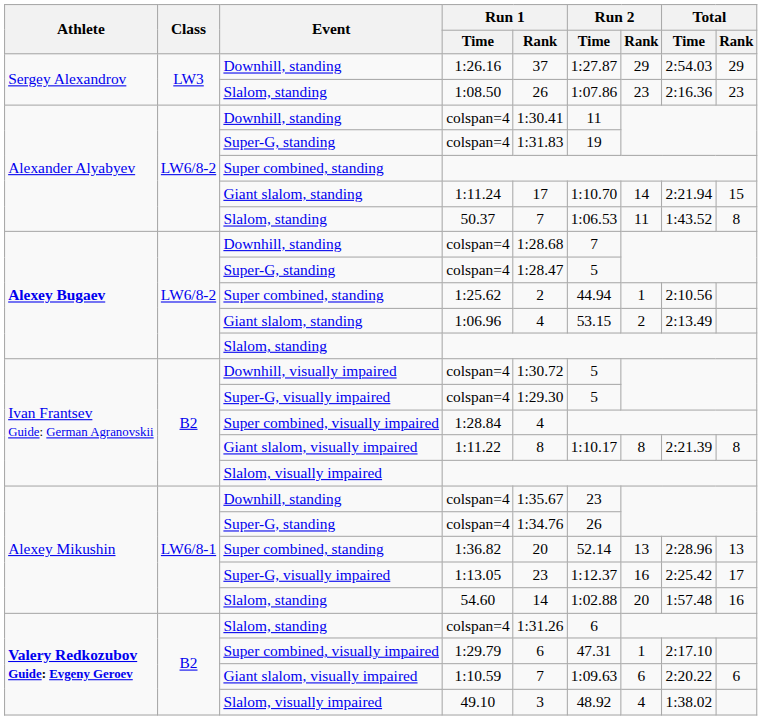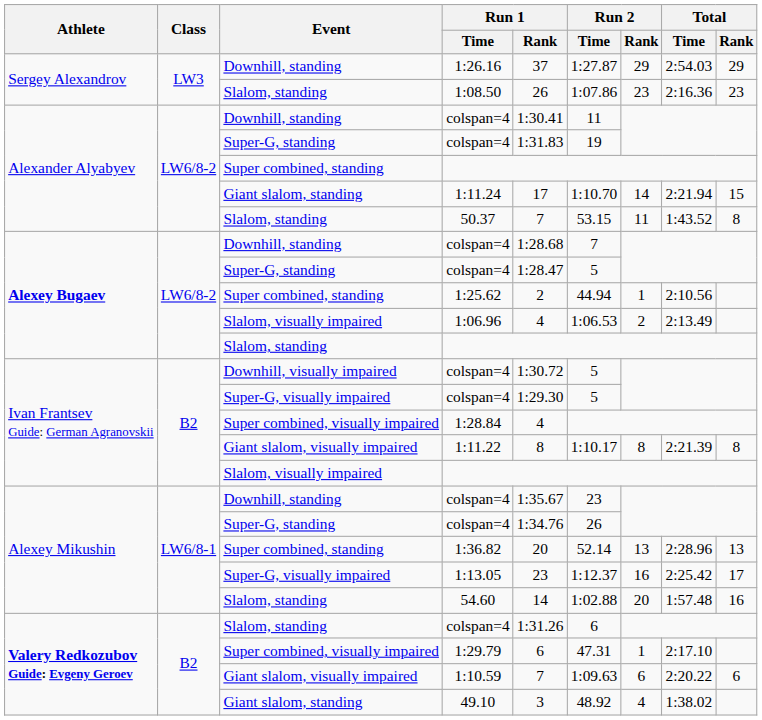 <table class="wikitable" style="font-size:90%">
 <tr>
 <th rowspan=2>Athlete</th>
 <th rowspan=2>Class</th>
 <th rowspan=2>Event</th>
 <th colspan=2>Run 1</th>
 <th colspan=2>Run 2</th>
 <th colspan=2>Total</th>
 </tr>
 <tr style="font-size:95%">
 <th>Time</th>
 <th>Rank</th>
 <th>Time</th>
 <th>Rank</th>
 <th>Time</th>
 <th>Rank</th>
 </tr>
 <tr align=center>
 <td rowspan=2 align=left><a href='#'>Sergey Alexandrov</a></td>
 <td rowspan=2><a href='#'>LW3</a></td>
 <td align=left><a href='#'>Downhill, standing</a></td>
 <td>1:26.16</td>
 <td>37</td>
 <td>1:27.87</td>
 <td>29</td>
 <td>2:54.03</td>
 <td>29</td>
 </tr>
 <tr align=center>
 <td align=left><a href='#'>Slalom, standing</a></td>
 <td>1:08.50</td>
 <td>26</td>
 <td>1:07.86</td>
 <td>23</td>
 <td>2:16.36</td>
 <td>23</td>
 </tr>
 <tr align=center>
 <td rowspan=5 align=left><a href='#'>Alexander Alyabyev</a></td>
 <td rowspan=5><a href='#'>LW6/8-2</a></td>
 <td align=left><a href='#'>Downhill, standing</a></td>
 <td>colspan=4</td>
 <td>1:30.41</td>
 <td>11</td>
 </tr>
 <tr align=center>
 <td align=left><a href='#'>Super-G, standing</a></td>
 <td>colspan=4 </td>
 <td>1:31.83</td>
 <td>19</td>
 </tr>
 <tr align=center>
 <td align=left><a href='#'>Super combined, standing</a></td>
 <td colspan=6></td>
 </tr>
 <tr align=center>
 <td align=left><a href='#'>Giant slalom, standing</a></td>
 <td>1:11.24</td>
 <td>17</td>
 <td>1:10.70</td>
 <td>14</td>
 <td>2:21.94</td>
 <td>15</td>
 </tr>
 <tr align=center>
 <td align=left><a href='#'>Slalom, standing</a></td>
 <td>50.37</td>
 <td>7</td>
-<td>1:06.53</td>
+<td>53.15</td>
 <td>11</td>
 <td>1:43.52</td>
 <td>8</td>
 </tr>
 <tr align=center>
 <td rowspan=5 align=left><strong><a href='#'>Alexey Bugaev</a></strong></td>
 <td rowspan=5><a href='#'>LW6/8-2</a></td>
 <td align=left><a href='#'>Downhill, standing</a></td>
 <td>colspan=4 </td>
 <td>1:28.68</td>
 <td>7</td>
 </tr>
 <tr align=center>
 <td align=left><a href='#'>Super-G, standing</a></td>
 <td>colspan=4 </td>
 <td>1:28.47</td>
 <td>5</td>
 </tr>
 <tr align=center>
 <td align=left><a href='#'>Super combined, standing</a></td>
 <td>1:25.62</td>
 <td>2</td>
 <td>44.94</td>
 <td>1</td>
 <td>2:10.56</td>
 <td></td>
 </tr>
 <tr align=center>
-<td align=left><a href='#'>Giant slalom, standing</a></td>
+<td align=left><a href='#'>Slalom, visually impaired</a></td>
 <td>1:06.96</td>
 <td>4</td>
-<td>53.15</td>
+<td>1:06.53</td>
 <td>2</td>
 <td>2:13.49</td>
 <td></td>
 </tr>
 <tr align=center>
 <td align=left><a href='#'>Slalom, standing</a></td>
 <td colspan=6></td>
 </tr>
 <tr align=center>
 <td rowspan=5 align=left><a href='#'>Ivan Frantsev</a><br><small><a href='#'>Guide</a>: <a href='#'>German Agranovskii</a></small></td>
 <td rowspan=5><a href='#'>B2</a></td>
 <td align=left><a href='#'>Downhill, visually impaired</a></td>
 <td>colspan=4</td>
 <td>1:30.72</td>
 <td>5</td>
 </tr>
 <tr align=center>
 <td align=left><a href='#'>Super-G, visually impaired</a></td>
 <td>colspan=4</td>
 <td>1:29.30</td>
 <td>5</td>
 </tr>
 <tr align=center>
 <td align=left><a href='#'>Super combined, visually impaired</a></td>
 <td>1:28.84</td>
 <td>4</td>
 <td colspan=4></td>
 </tr>
 <tr align=center>
 <td align=left><a href='#'>Giant slalom, visually impaired</a></td>
 <td>1:11.22</td>
 <td>8</td>
 <td>1:10.17</td>
 <td>8</td>
 <td>2:21.39</td>
 <td>8</td>
 </tr>
 <tr align=center>
 <td align=left><a href='#'>Slalom, visually impaired</a></td>
 <td colspan=6></td>
 </tr>
 <tr align=center>
 <td rowspan=5 align=left><a href='#'>Alexey Mikushin</a></td>
 <td rowspan=5><a href='#'>LW6/8-1</a></td>
 <td align=left><a href='#'>Downhill, standing</a></td>
 <td>colspan=4</td>
 <td>1:35.67</td>
 <td>23</td>
 </tr>
 <tr align=center>
 <td align=left><a href='#'>Super-G, standing</a></td>
 <td>colspan=4 </td>
 <td>1:34.76</td>
 <td>26</td>
 </tr>
 <tr align=center>
 <td align=left><a href='#'>Super combined, standing</a></td>
 <td>1:36.82</td>
 <td>20</td>
 <td>52.14</td>
 <td>13</td>
 <td>2:28.96</td>
 <td>13</td>
 </tr>
 <tr align=center>
 <td align=left><a href='#'>Super-G, visually impaired</a></td>
 <td>1:13.05</td>
 <td>23</td>
 <td>1:12.37</td>
 <td>16</td>
 <td>2:25.42</td>
 <td>17</td>
 </tr>
 <tr align=center>
 <td align=left><a href='#'>Slalom, standing</a></td>
 <td>54.60</td>
 <td>14</td>
 <td>1:02.88</td>
 <td>20</td>
 <td>1:57.48</td>
 <td>16</td>
 </tr>
 <tr align=center>
 <td rowspan=4 align=left><strong><a href='#'>Valery Redkozubov</a><br><small><a href='#'>Guide</a>: <a href='#'>Evgeny Geroev</a></small></strong></td>
 <td rowspan=4><a href='#'>B2</a></td>
 <td align=left><a href='#'>Slalom, standing</a></td>
 <td>colspan=4 </td>
 <td>1:31.26</td>
 <td>6</td>
 </tr>
 <tr align=center>
 <td align=left><a href='#'>Super combined, visually impaired</a></td>
 <td>1:29.79</td>
 <td>6</td>
 <td>47.31</td>
 <td>1</td>
 <td>2:17.10</td>
 <td></td>
 </tr>
 <tr align=center>
 <td align=left><a href='#'>Giant slalom, visually impaired</a></td>
 <td>1:10.59</td>
 <td>7</td>
 <td>1:09.63</td>
 <td>6</td>
 <td>2:20.22</td>
 <td>6</td>
 </tr>
 <tr align=center>
-<td align=left><a href='#'>Slalom, visually impaired</a></td>
+<td align=left><a href='#'>Giant slalom, standing</a></td>
 <td>49.10</td>
 <td>3</td>
 <td>48.92</td>
 <td>4</td>
 <td>1:38.02</td>
 <td></td>
 </tr>
 </table>
